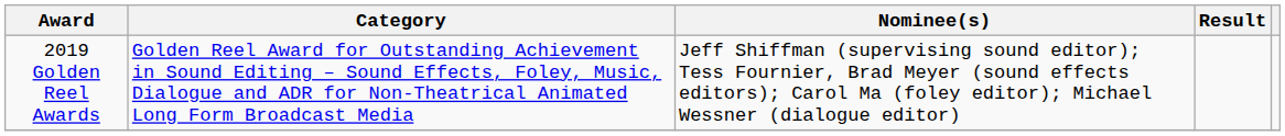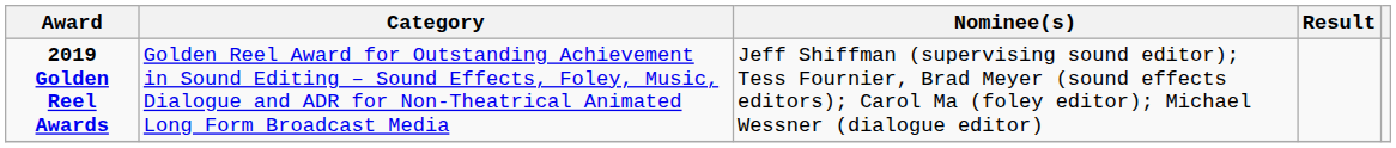 <table class="wikitable sortable" style="width:100%">
 <tr>
 <th scope="col">Award</th>
 <th scope="col">Category</th>
 <th>Nominee(s)</th>
 <th scope="col">Result</th>
 <th scope="col" class="unsortable"></th>
 </tr>
 <tr>
-<td align="center">2019 <a href='#'>Golden Reel Awards</a></td>
+<td align="center"><strong>2019 <a href='#'>Golden Reel Awards</a></strong></td>
 <td><a href='#'>Golden Reel Award for Outstanding Achievement in Sound Editing – Sound Effects, Foley, Music, Dialogue and ADR for Non-Theatrical Animated Long Form Broadcast Media</a></td>
 <td>Jeff Shiffman (supervising sound editor); Tess Fournier, Brad Meyer (sound effects editors); Carol Ma (foley editor); Michael Wessner (dialogue editor)</td>
 <td></td>
 <td align="center"></td>
 </tr>
 <tr>
 </tr>
 </table>
